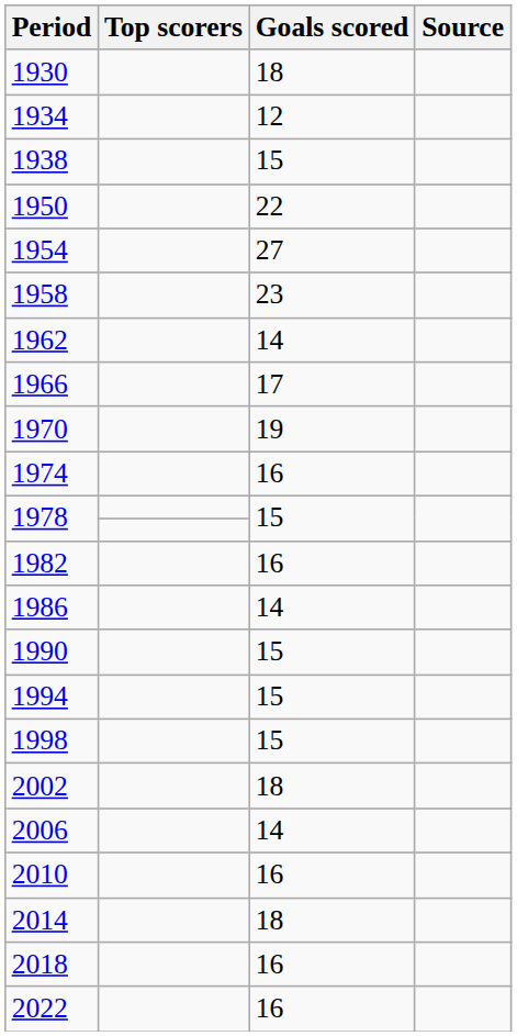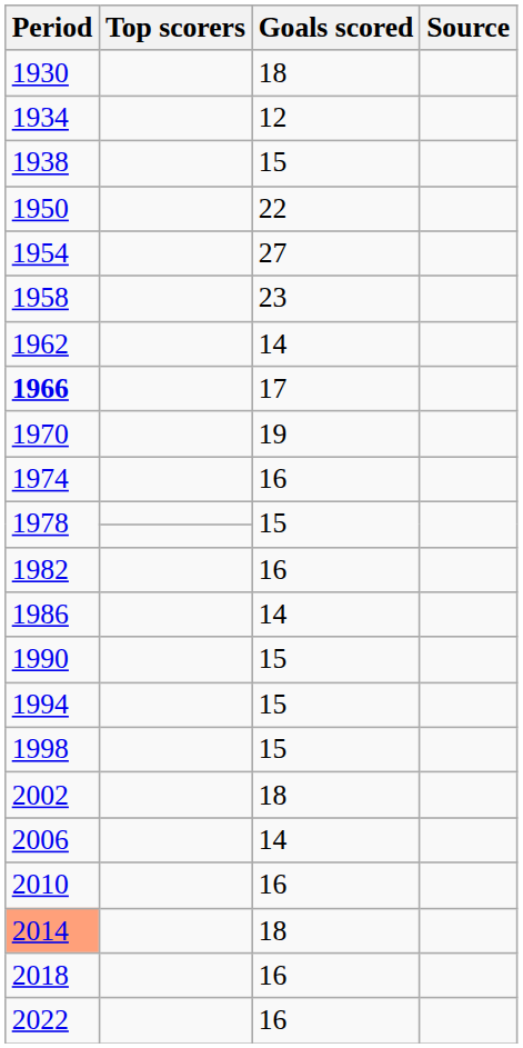 <table class="wikitable sortable">
 <tr>
 <th>Period</th>
 <th>Top scorers</th>
 <th>Goals scored</th>
 <th>Source</th>
 </tr>
 <tr>
 <td><a href='#'>1930</a></td>
 <td></td>
 <td>18</td>
 <td></td>
 </tr>
 <tr>
 <td><a href='#'>1934</a></td>
 <td><strong></strong></td>
 <td>12</td>
 <td></td>
 </tr>
 <tr>
 <td><a href='#'>1938</a></td>
 <td></td>
 <td>15</td>
 <td></td>
 </tr>
 <tr>
 <td><a href='#'>1950</a></td>
 <td></td>
 <td>22</td>
 <td></td>
 </tr>
 <tr>
 <td><a href='#'>1954</a></td>
 <td></td>
 <td>27</td>
 <td></td>
 </tr>
 <tr>
 <td><a href='#'>1958</a></td>
 <td></td>
 <td>23</td>
 <td></td>
 </tr>
 <tr>
 <td><a href='#'>1962</a></td>
 <td><strong></strong></td>
 <td>14</td>
 <td></td>
 </tr>
 <tr>
-<td><a href='#'>1966</a></td>
+<td><strong><a href='#'>1966</a></strong></td>
 <td></td>
 <td>17</td>
 <td></td>
 </tr>
 <tr>
 <td><a href='#'>1970</a></td>
 <td><strong></strong></td>
 <td>19</td>
 <td></td>
 </tr>
 <tr>
 <td><a href='#'>1974</a></td>
 <td></td>
 <td>16</td>
 <td></td>
 </tr>
 <tr>
 <td rowspan=2><a href='#'>1978</a></td>
 <td><strong></strong></td>
 <td rowspan=2>15</td>
 <td rowspan=2></td>
 </tr>
 <tr>
 <td></td>
 </tr>
 <tr>
 <td><a href='#'>1982</a></td>
 <td></td>
 <td>16</td>
 <td></td>
 </tr>
 <tr>
 <td><a href='#'>1986</a></td>
 <td><strong></strong></td>
 <td>14</td>
 <td></td>
 </tr>
 <tr>
 <td><a href='#'>1990</a></td>
 <td><strong></strong></td>
 <td>15</td>
 <td></td>
 </tr>
 <tr>
 <td><a href='#'>1994</a></td>
 <td></td>
 <td>15</td>
 <td></td>
 </tr>
 <tr>
 <td><a href='#'>1998</a></td>
 <td><strong></strong></td>
 <td>15</td>
 <td></td>
 </tr>
 <tr>
 <td><a href='#'>2002</a></td>
 <td><strong></strong></td>
 <td>18</td>
 <td></td>
 </tr>
 <tr>
 <td><a href='#'>2006</a></td>
 <td></td>
 <td>14</td>
 <td></td>
 </tr>
 <tr>
 <td><a href='#'>2010</a></td>
 <td></td>
 <td>16</td>
 <td></td>
 </tr>
 <tr>
-<td><a href='#'>2014</a></td>
+<td style="background: lightsalmon;"><a href='#'>2014</a></td>
 <td><strong></strong></td>
 <td>18</td>
 <td></td>
 </tr>
 <tr>
 <td><a href='#'>2018</a></td>
 <td></td>
 <td>16</td>
 <td></td>
 </tr>
 <tr>
 <td><a href='#'>2022</a></td>
 <td></td>
 <td>16</td>
 <td></td>
 </tr>
 </table>
